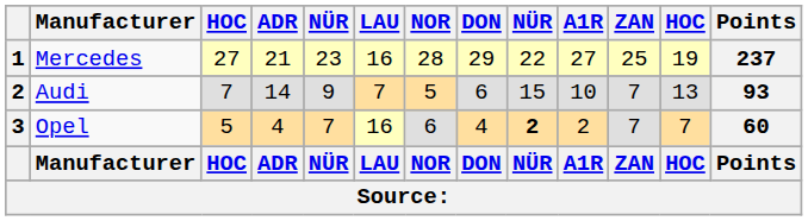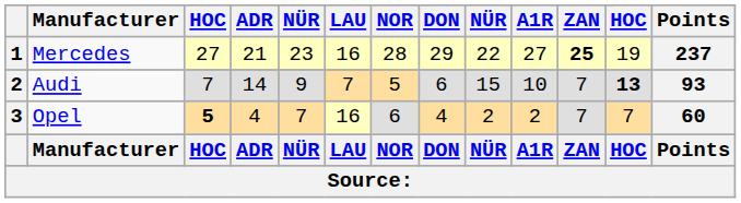 <table class="wikitable" style="font-size:85%; text-align:center">
 <tr style="background:#f9f9f9" valign="top">
 <th valign="middle"></th>
 <th valign="middle">Manufacturer</th>
 <th><a href='#'>HOC</a><br></th>
 <th><a href='#'>ADR</a><br></th>
 <th><a href='#'>NÜR</a><br></th>
 <th><a href='#'>LAU</a><br></th>
 <th><a href='#'>NOR</a><br></th>
 <th><a href='#'>DON</a><br></th>
 <th><a href='#'>NÜR</a><br></th>
 <th><a href='#'>A1R</a><br></th>
 <th><a href='#'>ZAN</a><br></th>
 <th><a href='#'>HOC</a><br></th>
 <th valign="middle">Points</th>
 </tr>
 <tr>
 <th>1</th>
 <td align="left"><a href='#'>Mercedes</a></td>
 <td style="background:#FFFFBF;">27</td>
 <td style="background:#FFFFBF;">21</td>
 <td style="background:#FFFFBF;">23</td>
 <td style="background:#FFFFBF;">16</td>
 <td style="background:#FFFFBF;">28</td>
 <td style="background:#FFFFBF;">29</td>
 <td style="background:#FFFFBF;">22</td>
 <td style="background:#FFFFBF;">27</td>
-<td style="background:#FFFFBF;">25</td>
+<td style="background:#FFFFBF;"><strong>25</strong></td>
 <td style="background:#FFFFBF;">19</td>
 <th>237</th>
 </tr>
 <tr>
 <th>2</th>
 <td align="left"><a href='#'>Audi</a></td>
 <td style="background:#DFDFDF;">7</td>
 <td style="background:#DFDFDF;">14</td>
 <td style="background:#DFDFDF;">9</td>
 <td style="background:#FFDF9F;">7</td>
 <td style="background:#FFDF9F;">5</td>
 <td style="background:#DFDFDF;">6</td>
 <td style="background:#DFDFDF;">15</td>
 <td style="background:#DFDFDF;">10</td>
 <td style="background:#DFDFDF;">7</td>
-<td style="background:#DFDFDF;">13</td>
+<td style="background:#DFDFDF;"><strong>13</strong></td>
 <th>93</th>
 </tr>
 <tr>
 <th>3</th>
 <td align="left"><a href='#'>Opel</a></td>
-<td style="background:#FFDF9F;">5</td>
+<td style="background:#FFDF9F;"><strong>5</strong></td>
 <td style="background:#FFDF9F;">4</td>
 <td style="background:#FFDF9F;">7</td>
 <td style="background:#FFFFBF;">16</td>
 <td style="background:#DFDFDF;">6</td>
 <td style="background:#FFDF9F;">4</td>
-<td style="background:#FFDF9F;"><strong>2</strong></td>
+<td style="background:#FFDF9F;">2</td>
 <td style="background:#FFDF9F;">2</td>
 <td style="background:#DFDFDF;">7</td>
 <td style="background:#FFDF9F;">7</td>
 <th>60</th>
 </tr>
 <tr>
 <th valign="middle"></th>
 <th valign="middle">Manufacturer</th>
 <th><a href='#'>HOC</a><br></th>
 <th><a href='#'>ADR</a><br></th>
 <th><a href='#'>NÜR</a><br></th>
 <th><a href='#'>LAU</a><br></th>
 <th><a href='#'>NOR</a><br></th>
 <th><a href='#'>DON</a><br></th>
 <th><a href='#'>NÜR</a><br></th>
 <th><a href='#'>A1R</a><br></th>
 <th><a href='#'>ZAN</a><br></th>
 <th><a href='#'>HOC</a><br></th>
 <th valign="middle">Points</th>
 </tr>
 <tr>
 <th colspan="13">Source:</th>
 </tr>
 </table>
